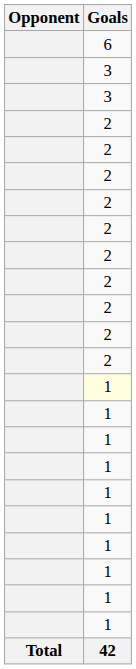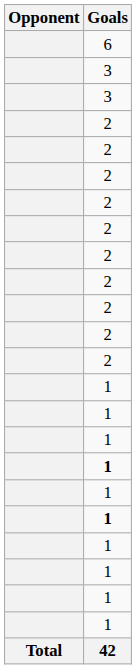 <table class="wikitable sortable plainrowheaders" style="text-align:center">
 <tr>
 <th scope="col">Opponent</th>
 <th scope="col">Goals</th>
 </tr>
 <tr>
 <th scope="row"></th>
 <td>6</td>
 </tr>
 <tr>
 <th scope="row"></th>
 <td>3</td>
 </tr>
 <tr>
 <th scope="row"></th>
 <td>3</td>
 </tr>
 <tr>
 <th scope="row"></th>
 <td>2</td>
 </tr>
 <tr>
 <th scope="row"></th>
 <td>2</td>
 </tr>
 <tr>
 <th scope="row"></th>
 <td>2</td>
 </tr>
 <tr>
 <th scope="row"></th>
 <td>2</td>
 </tr>
 <tr>
 <th scope="row"></th>
 <td>2</td>
 </tr>
 <tr>
 <th scope="row"></th>
 <td>2</td>
 </tr>
 <tr>
 <th scope="row"></th>
 <td>2</td>
 </tr>
 <tr>
 <th scope="row"></th>
 <td>2</td>
 </tr>
 <tr>
 <th scope="row"></th>
 <td>2</td>
 </tr>
 <tr>
 <th scope="row"></th>
 <td>2</td>
 </tr>
 <tr>
 <th scope="row"></th>
-<td style="background: lightyellow;">1</td>
-</tr>
-<tr>
-<th scope="row"></th>
 <td>1</td>
 </tr>
 <tr>
 <th scope="row"></th>
 <td>1</td>
 </tr>
 <tr>
 <th scope="row"></th>
 <td>1</td>
 </tr>
 <tr>
 <th scope="row"></th>
+<td><strong>1</strong></td>
+</tr>
+<tr>
+<th scope="row"></th>
 <td>1</td>
 </tr>
 <tr>
 <th scope="row"></th>
-<td>1</td>
+<td><strong>1</strong></td>
 </tr>
 <tr>
 <th scope="row"></th>
 <td>1</td>
 </tr>
 <tr>
 <th scope="row"></th>
 <td>1</td>
 </tr>
 <tr>
 <th scope="row"></th>
 <td>1</td>
 </tr>
 <tr>
 <th scope="row"></th>
 <td>1</td>
 </tr>
 <tr>
 <th>Total</th>
 <th>42</th>
 </tr>
 </table>
